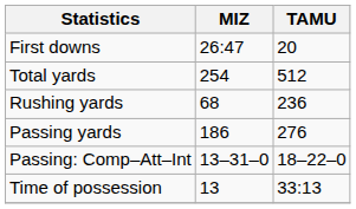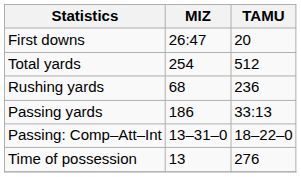 <table class="wikitable" style="float: left;">
 <tr>
 <th>Statistics</th>
 <th>MIZ</th>
 <th>TAMU</th>
 </tr>
 <tr>
 <td>First downs</td>
 <td>26:47</td>
 <td>20</td>
 </tr>
 <tr>
 <td>Total yards</td>
 <td>254</td>
 <td>512</td>
 </tr>
 <tr>
 <td>Rushing yards</td>
 <td>68</td>
 <td>236</td>
 </tr>
 <tr>
 <td>Passing yards</td>
 <td>186</td>
-<td>276</td>
+<td>33:13</td>
 </tr>
 <tr>
 <td>Passing: Comp–Att–Int</td>
 <td>13–31–0</td>
 <td>18–22–0</td>
 </tr>
 <tr>
 <td>Time of possession</td>
 <td>13</td>
-<td>33:13</td>
+<td>276</td>
 </tr>
 <tr>
 </tr>
 </table>
